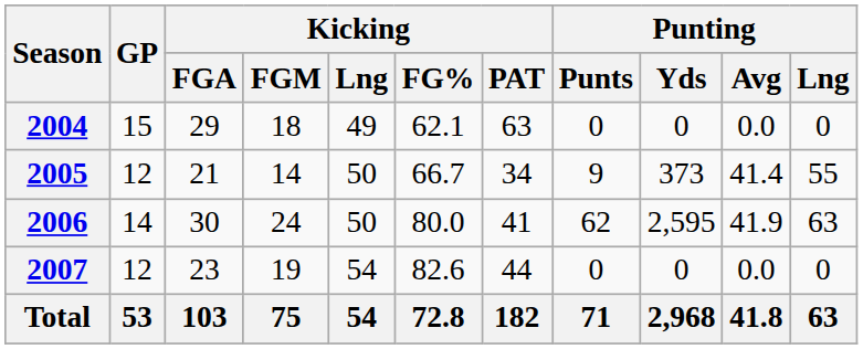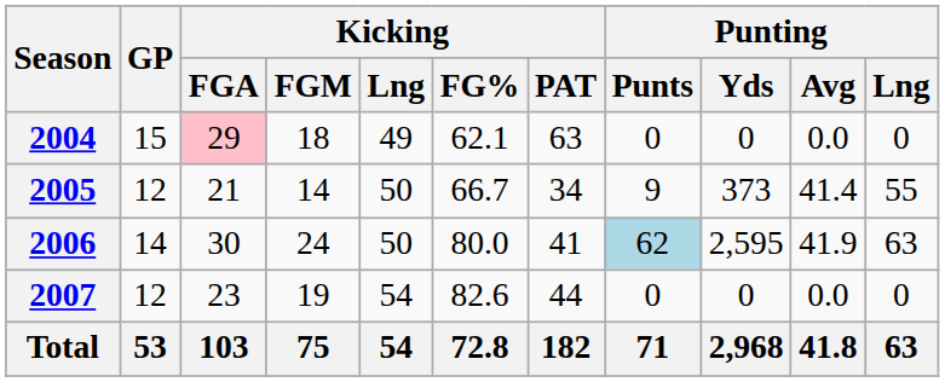 <table class="wikitable" style="text-align:center;">
 <tr>
 <th rowspan="2">Season</th>
 <th rowspan="2">GP</th>
 <th colspan="5">Kicking</th>
 <th colspan="4">Punting</th>
 </tr>
 <tr>
 <th>FGA</th>
 <th>FGM</th>
 <th>Lng</th>
 <th>FG%</th>
 <th>PAT</th>
 <th>Punts</th>
 <th>Yds</th>
 <th>Avg</th>
 <th>Lng</th>
 </tr>
 <tr>
 <th><a href='#'>2004</a></th>
 <td>15</td>
-<td>29</td>
+<td style="background: pink;">29</td>
 <td>18</td>
 <td>49</td>
 <td>62.1</td>
 <td>63</td>
 <td>0</td>
 <td>0</td>
 <td>0.0</td>
 <td>0</td>
 </tr>
 <tr>
 <th><a href='#'>2005</a></th>
 <td>12</td>
 <td>21</td>
 <td>14</td>
 <td>50</td>
 <td>66.7</td>
 <td>34</td>
 <td>9</td>
 <td>373</td>
 <td>41.4</td>
 <td>55</td>
 </tr>
 <tr>
 <th><a href='#'>2006</a></th>
 <td>14</td>
 <td>30</td>
 <td>24</td>
 <td>50</td>
 <td>80.0</td>
 <td>41</td>
-<td>62</td>
+<td style="background: lightblue;">62</td>
 <td>2,595</td>
 <td>41.9</td>
 <td>63</td>
 </tr>
 <tr>
 <th><a href='#'>2007</a></th>
 <td>12</td>
 <td>23</td>
 <td>19</td>
 <td>54</td>
 <td>82.6</td>
 <td>44</td>
 <td>0</td>
 <td>0</td>
 <td>0.0</td>
 <td>0</td>
 </tr>
 <tr>
 <th>Total</th>
 <th>53</th>
 <th>103</th>
 <th>75</th>
 <th>54</th>
 <th>72.8</th>
 <th>182</th>
 <th>71</th>
 <th>2,968</th>
 <th>41.8</th>
 <th>63</th>
 </tr>
 </table>
